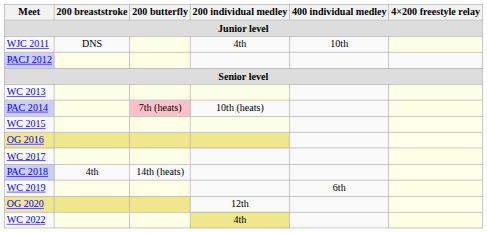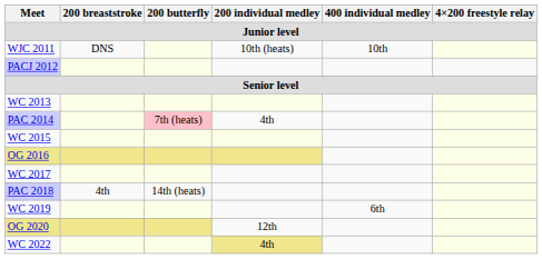 <table class="sortable wikitable">
 <tr>
 <th>Meet</th>
 <th class="unsortable">200 breaststroke</th>
 <th class="unsortable">200 butterfly</th>
 <th class="unsortable">200 individual medley</th>
 <th class="unsortable">400 individual medley</th>
 <th class="unsortable">4×200 freestyle relay</th>
 </tr>
 <tr bgcolor="#DDDDDD">
 <td colspan="6" align="center"><strong>Junior level</strong></td>
 </tr>
 <tr>
 <td><a href='#'>WJC 2011</a></td>
 <td align="center">DNS</td>
 <td style="background:#fdffe7"></td>
-<td align="center">4th</td>
+<td align="center">10th (heats)</td>
 <td align="center">10th</td>
 <td style="background:#fdffe7"></td>
 </tr>
 <tr>
 <td style="background:#ccccff"><a href='#'>PACJ 2012</a></td>
 <td style="background:#fdffe7"></td>
 <td style="background:#fdffe7"></td>
 <td align="center"></td>
 <td align="center"></td>
 <td align="center"></td>
 </tr>
 <tr bgcolor="#DDDDDD">
 <td colspan="6" align="center"><strong>Senior level</strong></td>
 </tr>
 <tr>
 <td><a href='#'>WC 2013</a></td>
 <td style="background:#fdffe7"></td>
 <td style="background:#fdffe7"></td>
 <td style="background:#fdffe7"></td>
 <td align="center"></td>
 <td style="background:#fdffe7"></td>
 </tr>
 <tr>
 <td style="background:#ccccff"><a href='#'>PAC 2014</a></td>
 <td style="background:#fdffe7"></td>
 <td align="center" style="background: pink;">7th (heats)</td>
-<td align="center">10th (heats)</td>
+<td align="center">4th</td>
 <td align="center"></td>
 <td style="background:#fdffe7"></td>
 </tr>
 <tr>
 <td><a href='#'>WC 2015</a></td>
 <td style="background:#fdffe7"></td>
 <td style="background:#fdffe7"></td>
 <td style="background:#fdffe7"></td>
 <td align="center"></td>
 <td style="background:#fdffe7"></td>
 </tr>
 <tr>
 <td style="background:#f0e68c"><a href='#'>OG 2016</a></td>
 <td style="background:#f0e68c"></td>
 <td style="background:#f0e68c"></td>
 <td style="background:#f0e68c"></td>
 <td align="center"></td>
 <td style="background:#fdffe7"></td>
 </tr>
 <tr>
 <td><a href='#'>WC 2017</a></td>
 <td style="background:#fdffe7"></td>
 <td style="background:#fdffe7"></td>
 <td align="center"></td>
 <td align="center"></td>
 <td style="background:#fdffe7"></td>
 </tr>
 <tr>
 <td style="background:#ccccff"><a href='#'>PAC 2018</a></td>
 <td align="center">4th</td>
 <td align="center">14th (heats)</td>
 <td align="center"></td>
 <td align="center"></td>
 <td style="background:#fdffe7"></td>
 </tr>
 <tr>
 <td><a href='#'>WC 2019</a></td>
 <td style="background:#fdffe7"></td>
 <td style="background:#fdffe7"></td>
 <td align="center"></td>
 <td align="center">6th</td>
 <td style="background:#fdffe7"></td>
 </tr>
 <tr>
 <td style="background:#f0e68c"><a href='#'>OG 2020</a></td>
 <td style="background:#f0e68c"></td>
 <td style="background:#f0e68c"></td>
 <td align="center">12th</td>
 <td align="center"></td>
 <td style="background:#fdffe7"></td>
 </tr>
 <tr>
 <td><a href='#'>WC 2022</a></td>
 <td style="background:#fdffe7"></td>
 <td style="background:#fdffe7"></td>
 <td align="center" style="background: khaki;">4th</td>
 <td align="center"></td>
 <td style="background:#fdffe7"></td>
 </tr>
 </table>
